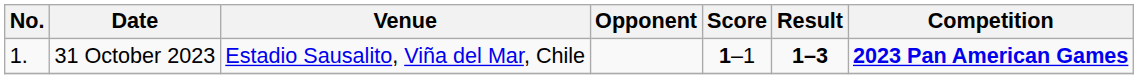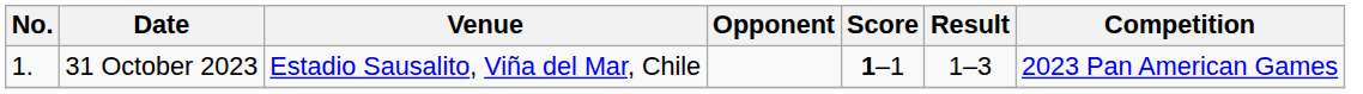 <table class="wikitable">
 <tr>
 <th>No.</th>
 <th>Date</th>
 <th>Venue</th>
 <th>Opponent</th>
 <th>Score</th>
 <th>Result</th>
 <th>Competition</th>
 </tr>
 <tr>
 <td>1.</td>
 <td>31 October 2023</td>
 <td><a href='#'>Estadio Sausalito</a>, <a href='#'>Viña del Mar</a>, Chile</td>
 <td></td>
 <td align=center><strong>1</strong>–1</td>
-<td align=center><strong>1–3</strong></td>
-<td><strong><a href='#'>2023 Pan American Games</a></strong></td>
+<td align=center>1–3</td>
+<td><a href='#'>2023 Pan American Games</a></td>
 </tr>
 <tr>
 </tr>
 </table>
